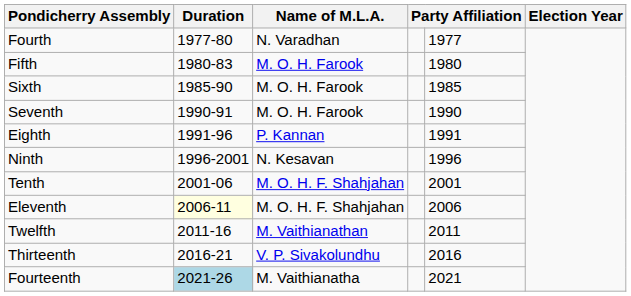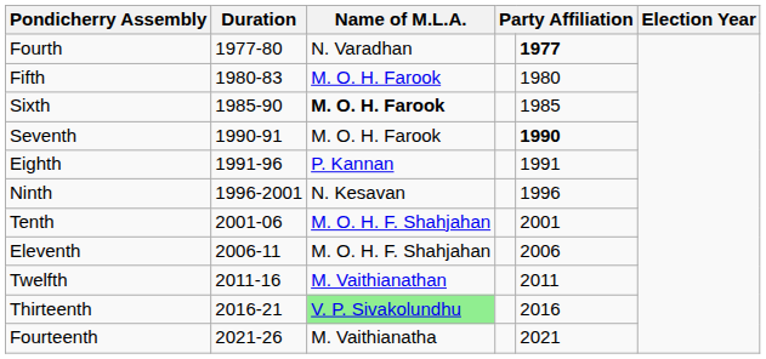 <table class="wikitable sortable">
 <tr>
 <th>Pondicherry Assembly</th>
 <th>Duration</th>
 <th>Name of M.L.A.</th>
 <th colspan="2">Party Affiliation</th>
 <th>Election Year</th>
 </tr>
 <tr>
 <td>Fourth</td>
 <td>1977-80</td>
 <td>N. Varadhan</td>
 <td></td>
-<td>1977</td>
+<td><strong>1977</strong></td>
 </tr>
 <tr>
 <td>Fifth</td>
 <td>1980-83</td>
 <td><a href='#'>M. O. H. Farook</a></td>
 <td></td>
 <td>1980</td>
 </tr>
 <tr>
 <td>Sixth</td>
 <td>1985-90</td>
-<td>M. O. H. Farook</td>
+<td><strong>M. O. H. Farook</strong></td>
 <td></td>
 <td>1985</td>
 </tr>
 <tr>
 <td>Seventh</td>
 <td>1990-91</td>
 <td>M. O. H. Farook</td>
 <td></td>
-<td>1990</td>
+<td><strong>1990</strong></td>
 </tr>
 <tr>
 <td>Eighth</td>
 <td>1991-96</td>
 <td><a href='#'>P. Kannan</a></td>
 <td></td>
 <td>1991</td>
 </tr>
 <tr>
 <td>Ninth</td>
 <td>1996-2001</td>
 <td>N. Kesavan</td>
 <td></td>
 <td>1996</td>
 </tr>
 <tr>
 <td>Tenth</td>
 <td>2001-06</td>
 <td><a href='#'>M. O. H. F. Shahjahan</a></td>
 <td></td>
 <td>2001</td>
 </tr>
 <tr>
 <td>Eleventh</td>
-<td style="background: lightyellow;">2006-11</td>
+<td>2006-11</td>
 <td>M. O. H. F. Shahjahan</td>
 <td></td>
 <td>2006</td>
 </tr>
 <tr>
 <td>Twelfth</td>
 <td>2011-16</td>
 <td><a href='#'>M. Vaithianathan</a></td>
 <td></td>
 <td>2011</td>
 </tr>
 <tr>
 <td>Thirteenth</td>
 <td>2016-21</td>
-<td><a href='#'>V. P. Sivakolundhu</a></td>
+<td style="background: lightgreen;"><a href='#'>V. P. Sivakolundhu</a></td>
 <td></td>
 <td>2016</td>
 </tr>
 <tr>
 <td>Fourteenth</td>
-<td style="background: lightblue;">2021-26</td>
+<td>2021-26</td>
 <td>M. Vaithianatha</td>
 <td></td>
 <td>2021</td>
 </tr>
 </table>
